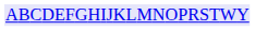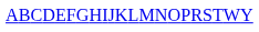 <table id="toc" class="toc" summary="Class">
 <tr>
 <th></th>
 </tr>
 <tr>
-<td style="background: lavender; text-align:center;"><a href='#'>A</a><a href='#'>B</a><a href='#'>C</a><a href='#'>D</a><a href='#'>E</a><a href='#'>F</a><a href='#'>G</a><a href='#'>H</a><a href='#'>I</a><a href='#'>J</a><a href='#'>K</a><a href='#'>L</a><a href='#'>M</a><a href='#'>N</a><a href='#'>O</a><a href='#'>P</a><a href='#'>R</a><a href='#'>S</a><a href='#'>T</a><a href='#'>W</a><a href='#'>Y</a></td>
+<td style="text-align:center;"><a href='#'>A</a><a href='#'>B</a><a href='#'>C</a><a href='#'>D</a><a href='#'>E</a><a href='#'>F</a><a href='#'>G</a><a href='#'>H</a><a href='#'>I</a><a href='#'>J</a><a href='#'>K</a><a href='#'>L</a><a href='#'>M</a><a href='#'>N</a><a href='#'>O</a><a href='#'>P</a><a href='#'>R</a><a href='#'>S</a><a href='#'>T</a><a href='#'>W</a><a href='#'>Y</a></td>
 </tr>
 </table>
